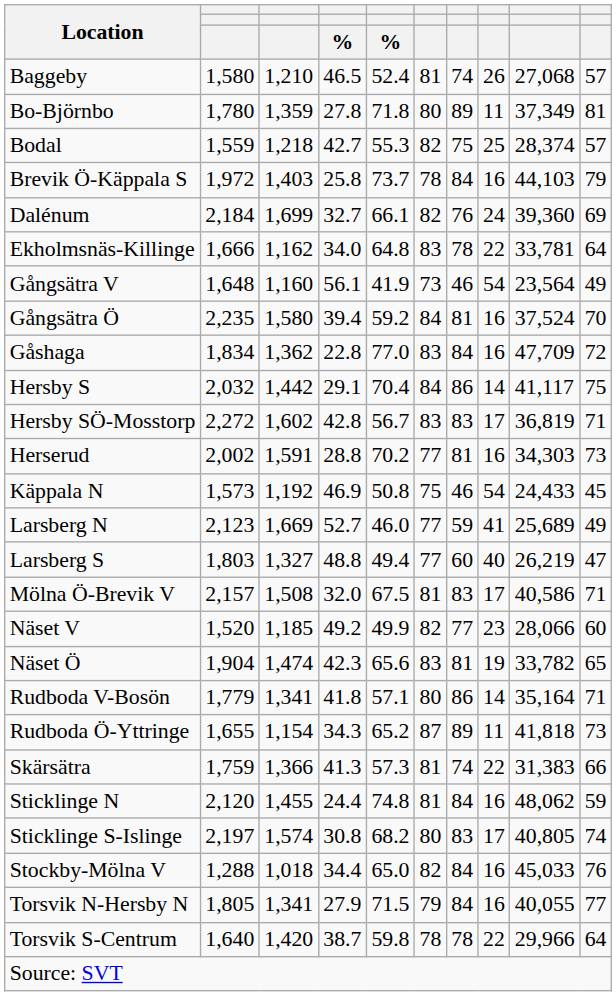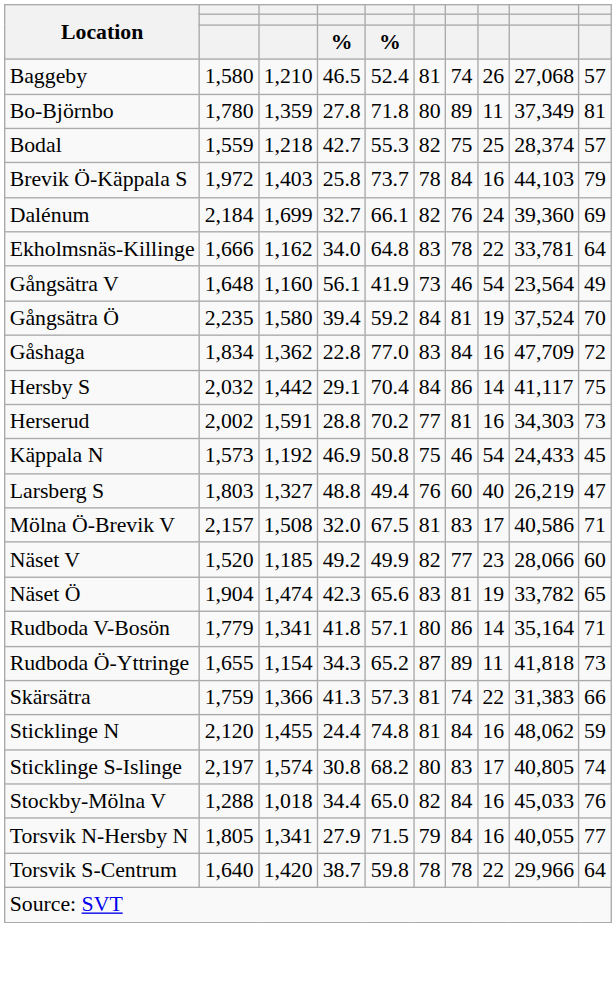 <table role="presentation" class="wikitable sortable mw-collapsible mw-collapsed">
 <tr>
 <th rowspan="3">Location</th>
 <th></th>
 <th></th>
 <th></th>
 <th></th>
 <th></th>
 <th></th>
 <th></th>
 <th></th>
 <th></th>
 </tr>
 <tr>
 <th></th>
 <th></th>
 <th style="background:"></th>
 <th style="background:"></th>
 <th></th>
 <th></th>
 <th></th>
 <th></th>
 <th></th>
 </tr>
 <tr>
 <th data-sort-type="number"></th>
 <th data-sort-type="number"></th>
 <th data-sort-type="number">%</th>
 <th data-sort-type="number">%</th>
 <th data-sort-type="number"></th>
 <th data-sort-type="number"></th>
 <th data-sort-type="number"></th>
 <th data-sort-type="number"></th>
 <th data-sort-type="number"></th>
 </tr>
 <tr>
 <td align="left">Baggeby</td>
 <td>1,580</td>
 <td>1,210</td>
 <td>46.5</td>
 <td>52.4</td>
 <td>81</td>
 <td>74</td>
 <td>26</td>
 <td>27,068</td>
 <td>57</td>
 </tr>
 <tr>
 <td align="left">Bo-Björnbo</td>
 <td>1,780</td>
 <td>1,359</td>
 <td>27.8</td>
 <td>71.8</td>
 <td>80</td>
 <td>89</td>
 <td>11</td>
 <td>37,349</td>
 <td>81</td>
 </tr>
 <tr>
 <td align="left">Bodal</td>
 <td>1,559</td>
 <td>1,218</td>
 <td>42.7</td>
 <td>55.3</td>
 <td>82</td>
 <td>75</td>
 <td>25</td>
 <td>28,374</td>
 <td>57</td>
 </tr>
 <tr>
 <td align="left">Brevik Ö-Käppala S</td>
 <td>1,972</td>
 <td>1,403</td>
 <td>25.8</td>
 <td>73.7</td>
 <td>78</td>
 <td>84</td>
 <td>16</td>
 <td>44,103</td>
 <td>79</td>
 </tr>
 <tr>
 <td align="left">Dalénum</td>
 <td>2,184</td>
 <td>1,699</td>
 <td>32.7</td>
 <td>66.1</td>
 <td>82</td>
 <td>76</td>
 <td>24</td>
 <td>39,360</td>
 <td>69</td>
 </tr>
 <tr>
 <td align="left">Ekholmsnäs-Killinge</td>
 <td>1,666</td>
 <td>1,162</td>
 <td>34.0</td>
 <td>64.8</td>
 <td>83</td>
 <td>78</td>
 <td>22</td>
 <td>33,781</td>
 <td>64</td>
 </tr>
 <tr>
 <td align="left">Gångsätra V</td>
 <td>1,648</td>
 <td>1,160</td>
 <td>56.1</td>
 <td>41.9</td>
 <td>73</td>
 <td>46</td>
 <td>54</td>
 <td>23,564</td>
 <td>49</td>
 </tr>
 <tr>
 <td align="left">Gångsätra Ö</td>
 <td>2,235</td>
 <td>1,580</td>
 <td>39.4</td>
 <td>59.2</td>
 <td>84</td>
 <td>81</td>
-<td>16</td>
+<td>19</td>
 <td>37,524</td>
 <td>70</td>
 </tr>
 <tr>
 <td align="left">Gåshaga</td>
 <td>1,834</td>
 <td>1,362</td>
 <td>22.8</td>
 <td>77.0</td>
 <td>83</td>
 <td>84</td>
 <td>16</td>
 <td>47,709</td>
 <td>72</td>
 </tr>
 <tr>
 <td align="left">Hersby S</td>
 <td>2,032</td>
 <td>1,442</td>
 <td>29.1</td>
 <td>70.4</td>
 <td>84</td>
 <td>86</td>
 <td>14</td>
 <td>41,117</td>
 <td>75</td>
 </tr>
 <tr>
-<td align="left">Hersby SÖ-Mosstorp</td>
-<td>2,272</td>
-<td>1,602</td>
-<td>42.8</td>
-<td>56.7</td>
-<td>83</td>
-<td>83</td>
-<td>17</td>
-<td>36,819</td>
-<td>71</td>
-</tr>
-<tr>
 <td align="left">Herserud</td>
 <td>2,002</td>
 <td>1,591</td>
 <td>28.8</td>
 <td>70.2</td>
 <td>77</td>
 <td>81</td>
 <td>16</td>
 <td>34,303</td>
 <td>73</td>
 </tr>
 <tr>
 <td align="left">Käppala N</td>
 <td>1,573</td>
 <td>1,192</td>
 <td>46.9</td>
 <td>50.8</td>
 <td>75</td>
 <td>46</td>
 <td>54</td>
 <td>24,433</td>
 <td>45</td>
 </tr>
 <tr>
-<td align="left">Larsberg N</td>
-<td>2,123</td>
-<td>1,669</td>
-<td>52.7</td>
-<td>46.0</td>
-<td>77</td>
-<td>59</td>
-<td>41</td>
-<td>25,689</td>
-<td>49</td>
-</tr>
-<tr>
 <td align="left">Larsberg S</td>
 <td>1,803</td>
 <td>1,327</td>
 <td>48.8</td>
 <td>49.4</td>
-<td>77</td>
+<td>76</td>
 <td>60</td>
 <td>40</td>
 <td>26,219</td>
 <td>47</td>
 </tr>
 <tr>
 <td align="left">Mölna Ö-Brevik V</td>
 <td>2,157</td>
 <td>1,508</td>
 <td>32.0</td>
 <td>67.5</td>
 <td>81</td>
 <td>83</td>
 <td>17</td>
 <td>40,586</td>
 <td>71</td>
 </tr>
 <tr>
 <td align="left">Näset V</td>
 <td>1,520</td>
 <td>1,185</td>
 <td>49.2</td>
 <td>49.9</td>
 <td>82</td>
 <td>77</td>
 <td>23</td>
 <td>28,066</td>
 <td>60</td>
 </tr>
 <tr>
 <td align="left">Näset Ö</td>
 <td>1,904</td>
 <td>1,474</td>
 <td>42.3</td>
 <td>65.6</td>
 <td>83</td>
 <td>81</td>
 <td>19</td>
 <td>33,782</td>
 <td>65</td>
 </tr>
 <tr>
 <td align="left">Rudboda V-Bosön</td>
 <td>1,779</td>
 <td>1,341</td>
 <td>41.8</td>
 <td>57.1</td>
 <td>80</td>
 <td>86</td>
 <td>14</td>
 <td>35,164</td>
 <td>71</td>
 </tr>
 <tr>
 <td align="left">Rudboda Ö-Yttringe</td>
 <td>1,655</td>
 <td>1,154</td>
 <td>34.3</td>
 <td>65.2</td>
 <td>87</td>
 <td>89</td>
 <td>11</td>
 <td>41,818</td>
 <td>73</td>
 </tr>
 <tr>
 <td align="left">Skärsätra</td>
 <td>1,759</td>
 <td>1,366</td>
 <td>41.3</td>
 <td>57.3</td>
 <td>81</td>
 <td>74</td>
 <td>22</td>
 <td>31,383</td>
 <td>66</td>
 </tr>
 <tr>
 <td align="left">Sticklinge N</td>
 <td>2,120</td>
 <td>1,455</td>
 <td>24.4</td>
 <td>74.8</td>
 <td>81</td>
 <td>84</td>
 <td>16</td>
 <td>48,062</td>
 <td>59</td>
 </tr>
 <tr>
 <td align="left">Sticklinge S-Islinge</td>
 <td>2,197</td>
 <td>1,574</td>
 <td>30.8</td>
 <td>68.2</td>
 <td>80</td>
 <td>83</td>
 <td>17</td>
 <td>40,805</td>
 <td>74</td>
 </tr>
 <tr>
 <td align="left">Stockby-Mölna V</td>
 <td>1,288</td>
 <td>1,018</td>
 <td>34.4</td>
 <td>65.0</td>
 <td>82</td>
 <td>84</td>
 <td>16</td>
 <td>45,033</td>
 <td>76</td>
 </tr>
 <tr>
 <td align="left">Torsvik N-Hersby N</td>
 <td>1,805</td>
 <td>1,341</td>
 <td>27.9</td>
 <td>71.5</td>
 <td>79</td>
 <td>84</td>
 <td>16</td>
 <td>40,055</td>
 <td>77</td>
 </tr>
 <tr>
 <td align="left">Torsvik S-Centrum</td>
 <td>1,640</td>
 <td>1,420</td>
 <td>38.7</td>
 <td>59.8</td>
 <td>78</td>
 <td>78</td>
 <td>22</td>
 <td>29,966</td>
 <td>64</td>
 </tr>
 <tr>
 <td colspan="10" align="left">Source: <a href='#'>SVT</a></td>
 </tr>
 </table>
